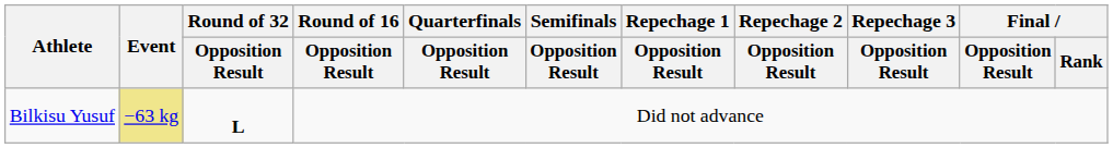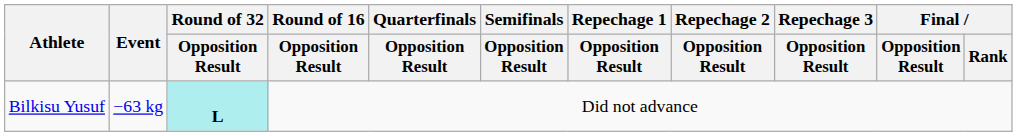 <table class="wikitable" style="font-size:90%">
 <tr>
 <th rowspan="2">Athlete</th>
 <th rowspan="2">Event</th>
 <th>Round of 32</th>
 <th>Round of 16</th>
 <th>Quarterfinals</th>
 <th>Semifinals</th>
 <th>Repechage 1</th>
 <th>Repechage 2</th>
 <th>Repechage 3</th>
 <th colspan=2>Final / </th>
 </tr>
 <tr style="font-size:95%">
 <th>Opposition<br>Result</th>
 <th>Opposition<br>Result</th>
 <th>Opposition<br>Result</th>
 <th>Opposition<br>Result</th>
 <th>Opposition<br>Result</th>
 <th>Opposition<br>Result</th>
 <th>Opposition<br>Result</th>
 <th>Opposition<br>Result</th>
 <th>Rank</th>
 </tr>
 <tr align=center>
 <td align=left><a href='#'>Bilkisu Yusuf</a></td>
-<td align=left style="background: khaki;"><a href='#'>−63 kg</a></td>
-<td><br><strong>L</strong></td>
+<td align=left><a href='#'>−63 kg</a></td>
+<td style="background: paleturquoise;"><br><strong>L</strong></td>
 <td colspan=9>Did not advance</td>
 </tr>
 </table>
